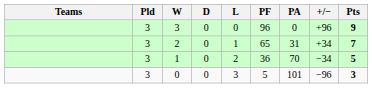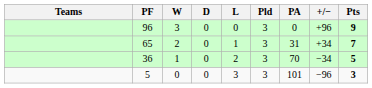 <table class="wikitable" style="text-align: center;">
 <tr>
 <th width="200">Teams</th>
-<th width="40">Pld</th>
+<th width="40">PF</th>
 <th width="40">W</th>
 <th width="40">D</th>
 <th width="40">L</th>
-<th width="40">PF</th>
+<th width="40">Pld</th>
 <th width="40">PA</th>
 <th width="40">+/−</th>
 <th width="40">Pts</th>
 </tr>
 <tr style="background:#cfc; width:20px;">
 <td align=left></td>
-<td>3</td>
+<td>96</td>
 <td>3</td>
 <td>0</td>
 <td>0</td>
-<td>96</td>
+<td>3</td>
 <td>0</td>
 <td>+96</td>
 <td><strong>9</strong></td>
 </tr>
 <tr style="background:#cfc; width:20px;">
 <td align=left></td>
-<td>3</td>
+<td>65</td>
 <td>2</td>
 <td>0</td>
 <td>1</td>
-<td>65</td>
+<td>3</td>
 <td>31</td>
 <td>+34</td>
 <td><strong>7</strong></td>
 </tr>
 <tr style="background:#cfc; width:20px;">
 <td align=left></td>
-<td>3</td>
+<td>36</td>
 <td>1</td>
 <td>0</td>
 <td>2</td>
-<td>36</td>
+<td>3</td>
 <td>70</td>
 <td>−34</td>
 <td><strong>5</strong></td>
 </tr>
 <tr>
 <td align=left></td>
-<td>3</td>
+<td>5</td>
 <td>0</td>
 <td>0</td>
 <td>3</td>
-<td>5</td>
+<td>3</td>
 <td>101</td>
 <td>−96</td>
 <td><strong>3</strong></td>
 </tr>
 </table>
